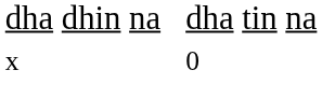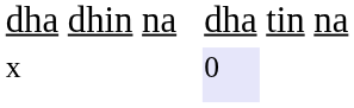 <table>
 <tr>
 <td><u>dha</u></td>
 <td><u>dhin</u></td>
 <td><u>na</u></td>
 <td></td>
 <td></td>
 <td><u>dha</u></td>
 <td><u>tin</u></td>
 <td><u>na</u></td>
 <td></td>
 <td></td>
 </tr>
 <tr>
 <td><sup>x</sup></td>
 <td></td>
 <td></td>
 <td></td>
 <td></td>
-<td><sup>0</sup></td>
+<td style="background: lavender;"><sup>0</sup></td>
 <td></td>
 <td></td>
 <td></td>
 </tr>
 </table>
